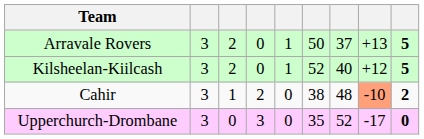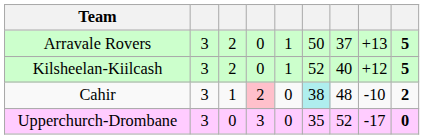 <table class="wikitable" style="text-align:center">
 <tr>
 <th style="width:175px;">Team</th>
 <th width="20"></th>
 <th width="20"></th>
 <th width="20"></th>
 <th width="20"></th>
 <th width="20"></th>
 <th width="20"></th>
 <th width="20"></th>
 <th width="20"></th>
 </tr>
 <tr style="background:#cfc;">
 <td>Arravale Rovers</td>
 <td>3</td>
 <td>2</td>
 <td>0</td>
 <td>1</td>
 <td>50</td>
 <td>37</td>
 <td>+13</td>
 <td><strong>5</strong></td>
 </tr>
 <tr style="background:#cfc;">
 <td>Kilsheelan-Kiilcash</td>
 <td>3</td>
 <td>2</td>
 <td>0</td>
 <td>1</td>
 <td>52</td>
 <td>40</td>
 <td>+12</td>
 <td><strong>5</strong></td>
 </tr>
 <tr>
 <td>Cahir</td>
 <td>3</td>
 <td>1</td>
-<td>2</td>
+<td style="background: pink;">2</td>
 <td>0</td>
-<td>38</td>
+<td style="background: paleturquoise;">38</td>
 <td>48</td>
-<td style="background: lightsalmon;">-10</td>
+<td>-10</td>
 <td><strong>2</strong></td>
 </tr>
 <tr style="background:#fcf;">
 <td>Upperchurch-Drombane</td>
 <td>3</td>
 <td>0</td>
 <td>3</td>
 <td>0</td>
 <td>35</td>
 <td>52</td>
 <td>-17</td>
 <td><strong>0</strong></td>
 </tr>
 </table>
